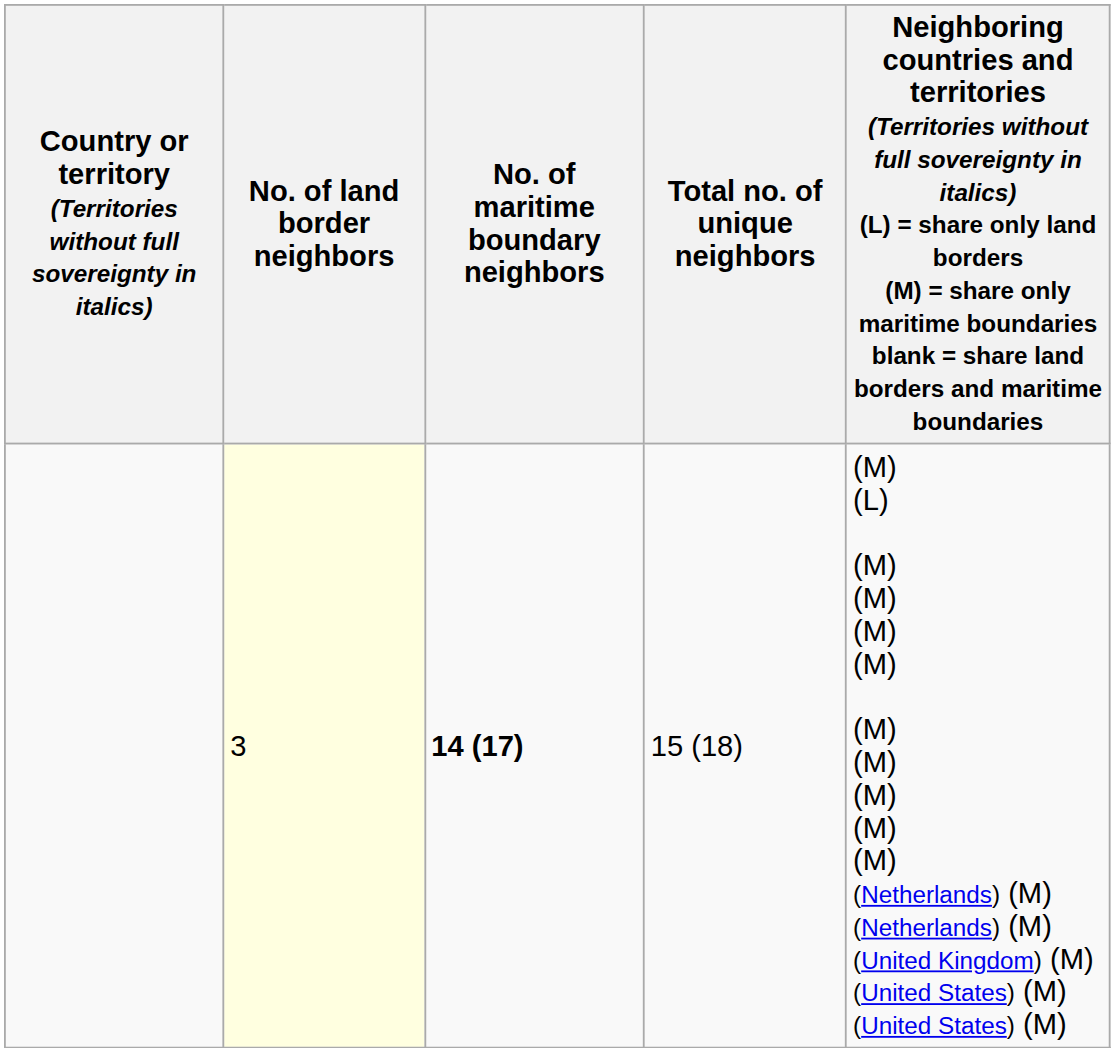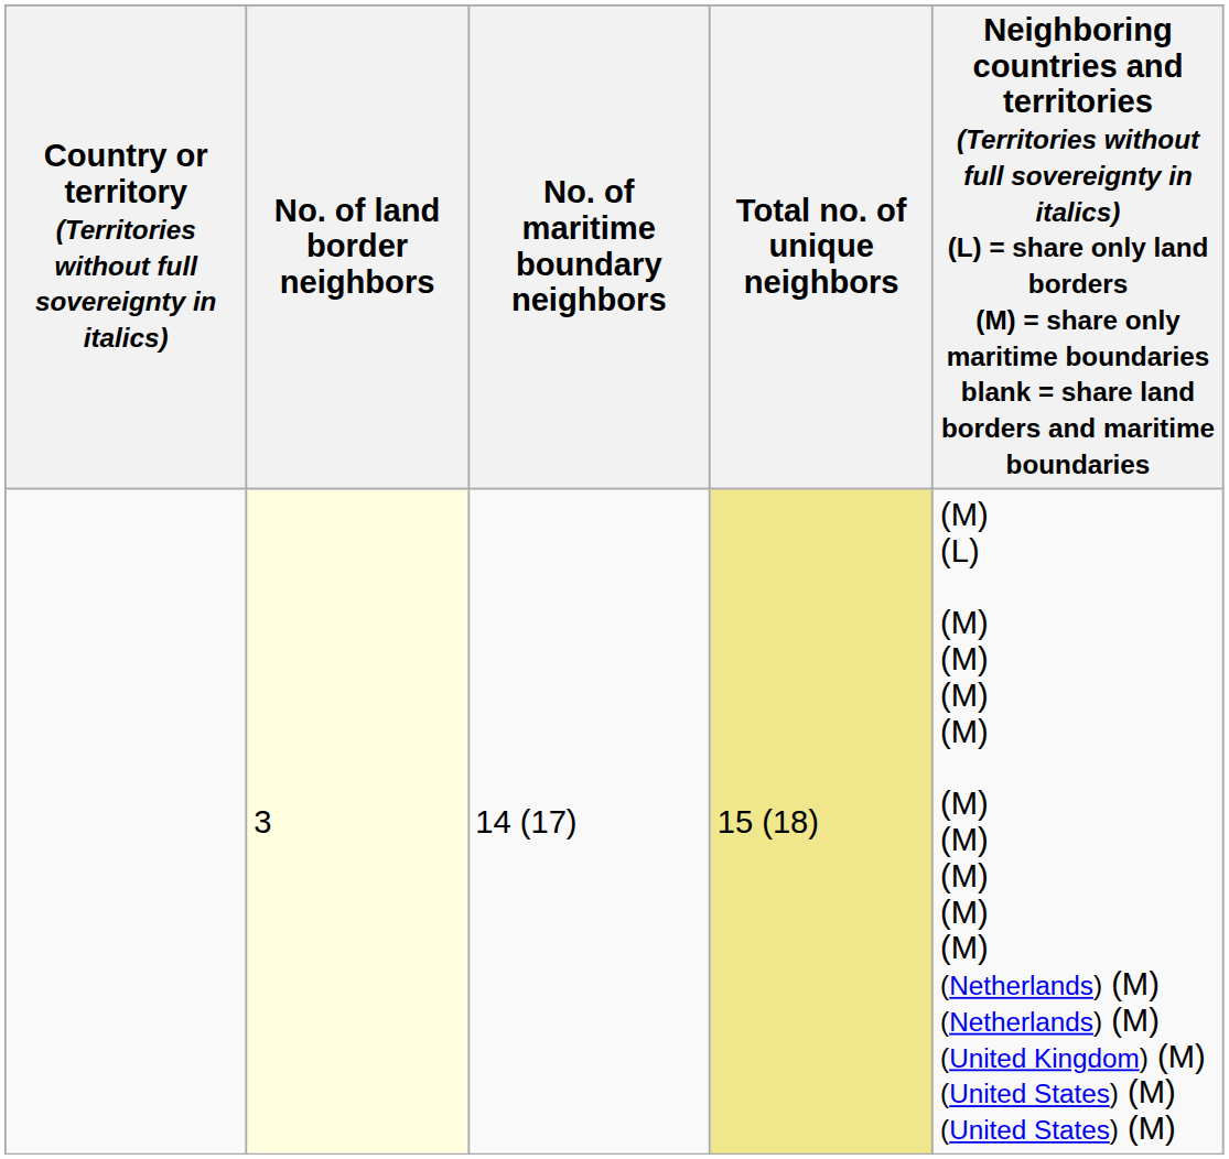 <table class="wikitable sortable">
 <tr>
 <th>Country or territory<br><small><em>(Territories without full sovereignty in italics)</em></small></th>
 <th data-sort-type="number">No. of land border neighbors</th>
 <th data-sort-type="number">No. of maritime boundary neighbors</th>
 <th data-sort-type="number">Total no. of unique neighbors</th>
 <th class="unsortable">Neighboring countries and territories<br><small><em>(Territories without full sovereignty in italics)</em></small><br><small>(L) = share only land borders</small><br><small>(M) = share only maritime boundaries</small><br><small>blank = share land borders and maritime boundaries</small></th>
 </tr>
 <tr>
 <td><strong></strong></td>
 <td style="background: lightyellow;">3</td>
-<td><strong>14 (17)</strong></td>
-<td>15 (18)</td>
+<td>14 (17)</td>
+<td style="background: khaki;">15 (18)</td>
 <td> (M)<br> (L)<br><br> (M)<br> (M)<br> (M)<br> (M)<br><br> (M)<br> (M)<br> (M)<br> (M)<br> (M)<br><em></em> <small>(<a href='#'>Netherlands</a>)</small> (M)<br><em></em> <small>(<a href='#'>Netherlands</a>)</small> (M)<br><em></em> <small>(<a href='#'>United Kingdom</a>)</small> (M)<br><em></em>  <small>(<a href='#'>United States</a>)</small> (M)<br><em></em> <small>(<a href='#'>United States</a>)</small> (M)</td>
 </tr>
 <tr>
 </tr>
 </table>
